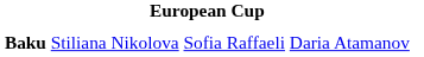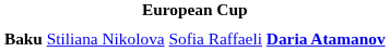 <table>
 <tr>
 <td colspan="4" style="text-align:center;"><strong>European Cup</strong></td>
 </tr>
 <tr>
 <th scope=row style="text-align:left">Baku</th>
 <td style="height:30px;"> <a href='#'>Stiliana Nikolova</a></td>
 <td style="height:30px;"> <a href='#'>Sofia Raffaeli</a></td>
-<td style="height:30px;"> <a href='#'>Daria Atamanov</a></td>
+<td style="height:30px;"><strong> <a href='#'>Daria Atamanov</a></strong></td>
 </tr>
 <tr>
 </tr>
 </table>
